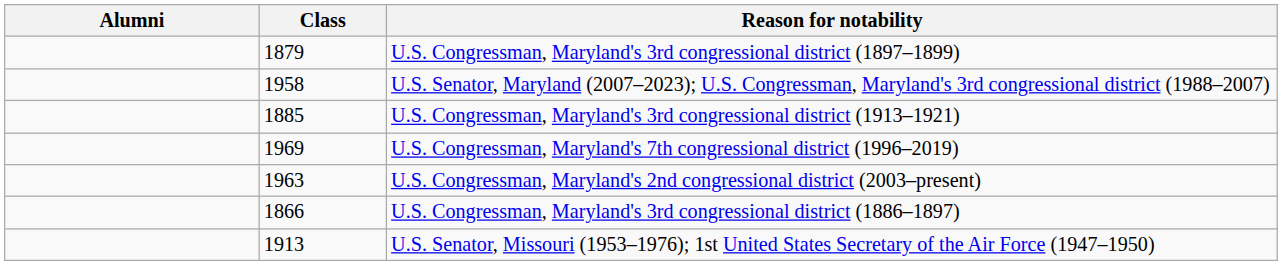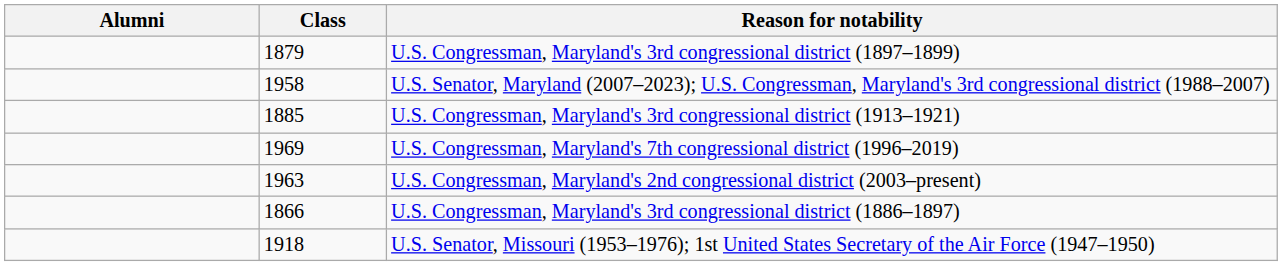 <table class="sortable wikitable" style="width:80%">
 <tr>
 <th style="width:20%;">Alumni</th>
 <th style="width:10%;">Class</th>
 <th style="width:70%;">Reason for notability</th>
 </tr>
 <tr>
 <td></td>
 <td>1879</td>
 <td><a href='#'>U.S. Congressman</a>, <a href='#'>Maryland's 3rd congressional district</a> (1897–1899)</td>
 </tr>
 <tr>
 <td></td>
 <td>1958</td>
 <td><a href='#'>U.S. Senator</a>, <a href='#'>Maryland</a> (2007–2023); <a href='#'>U.S. Congressman</a>, <a href='#'>Maryland's 3rd congressional district</a> (1988–2007)</td>
 </tr>
 <tr>
 <td></td>
 <td>1885</td>
 <td><a href='#'>U.S. Congressman</a>, <a href='#'>Maryland's 3rd congressional district</a> (1913–1921)</td>
 </tr>
 <tr>
 <td></td>
 <td>1969</td>
 <td><a href='#'>U.S. Congressman</a>, <a href='#'>Maryland's 7th congressional district</a> (1996–2019)</td>
 </tr>
 <tr>
 <td></td>
 <td>1963</td>
 <td><a href='#'>U.S. Congressman</a>, <a href='#'>Maryland's 2nd congressional district</a> (2003–present)</td>
 </tr>
 <tr>
 <td></td>
 <td>1866</td>
 <td><a href='#'>U.S. Congressman</a>, <a href='#'>Maryland's 3rd congressional district</a> (1886–1897)</td>
 </tr>
 <tr>
 <td></td>
-<td>1913</td>
+<td>1918</td>
 <td><a href='#'>U.S. Senator</a>, <a href='#'>Missouri</a> (1953–1976); 1st <a href='#'>United States Secretary of the Air Force</a> (1947–1950)</td>
 </tr>
 </table>
